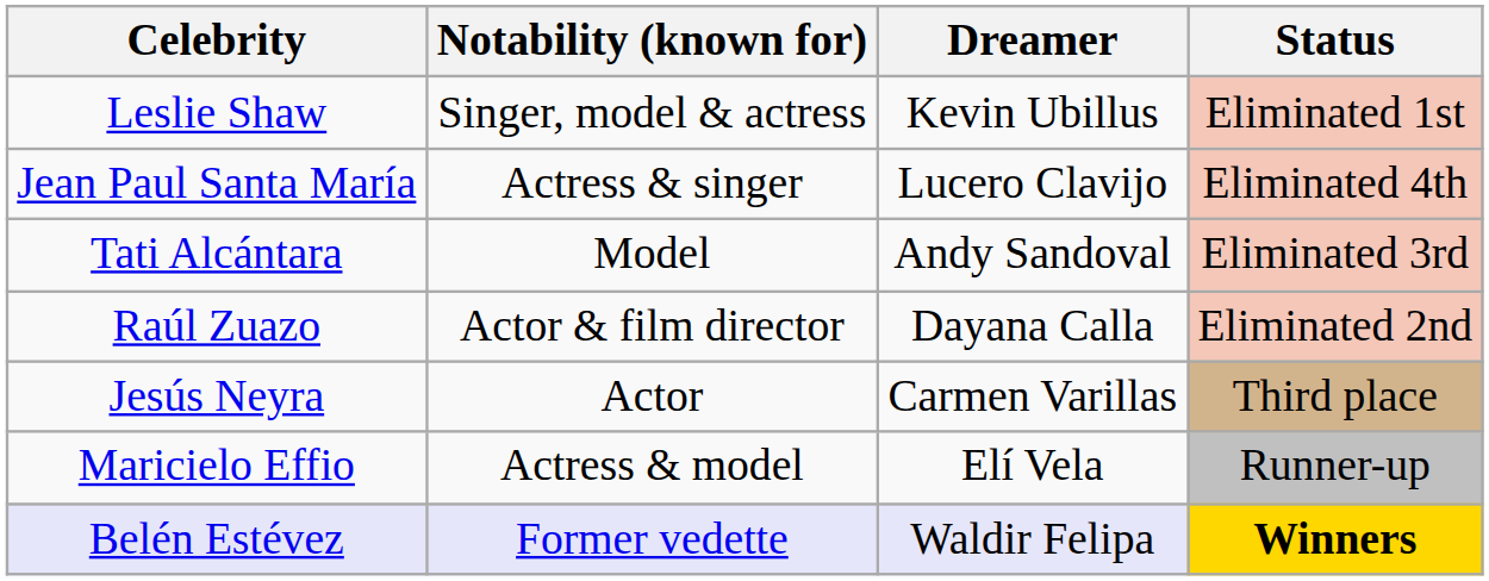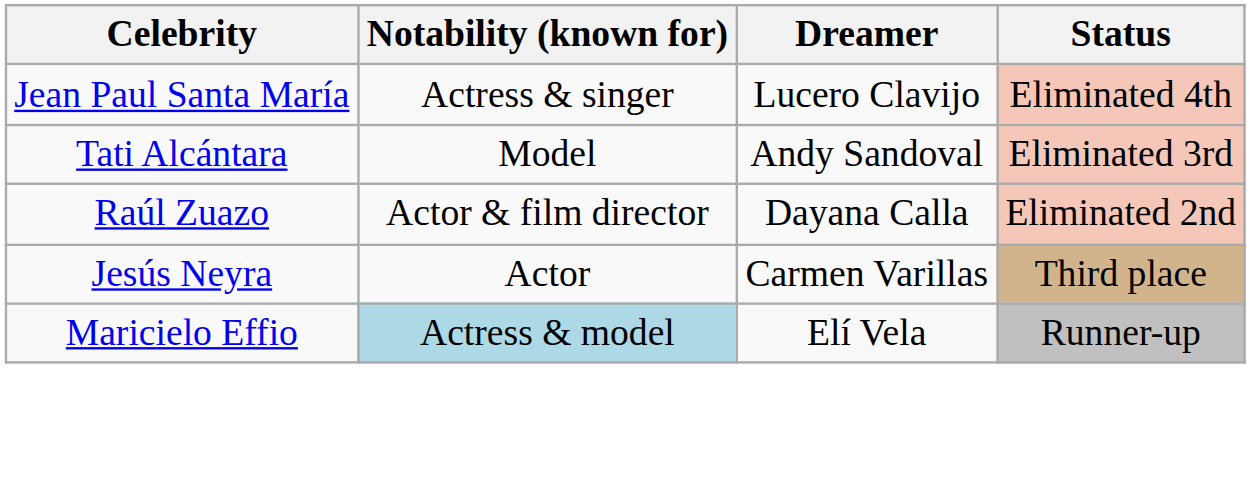 <table class= "wikitable sortable" style="text-align: center; margin:auto; align: center">
 <tr>
 <th>Celebrity</th>
 <th>Notability (known for)</th>
 <th>Dreamer</th>
 <th>Status</th>
-</tr>
-<tr>
-<td><a href='#'>Leslie Shaw</a></td>
-<td>Singer, model & actress</td>
-<td>Kevin Ubillus</td>
-<td style="background:#f4c7b8;">Eliminated 1st<br></td>
 </tr>
 <tr>
 <td><a href='#'>Jean Paul Santa María</a></td>
 <td>Actress & singer</td>
 <td>Lucero Clavijo</td>
 <td style="background:#f4c7b8;">Eliminated 4th<br></td>
 </tr>
 <tr>
 <td><a href='#'>Tati Alcántara</a></td>
 <td>Model</td>
 <td>Andy Sandoval</td>
 <td style="background:#f4c7b8;">Eliminated 3rd<br></td>
 </tr>
 <tr>
 <td><a href='#'>Raúl Zuazo</a></td>
 <td>Actor & film director</td>
 <td>Dayana Calla</td>
 <td style="background:#f4c7b8;">Eliminated 2nd<br></td>
 </tr>
 <tr>
 <td><a href='#'>Jesús Neyra</a></td>
 <td>Actor</td>
 <td>Carmen Varillas</td>
 <td style="background:tan;">Third place<br></td>
 </tr>
 <tr>
 <td><a href='#'>Maricielo Effio</a></td>
-<td>Actress & model</td>
+<td style="background: lightblue;">Actress & model</td>
 <td>Elí Vela</td>
 <td style="background:silver;">Runner-up<br></td>
 </tr>
-<tr>
-<td bgcolor=lavender><a href='#'>Belén Estévez</a></td>
-<td bgcolor=lavender><a href='#'>Former vedette</a></td>
-<td bgcolor=lavender>Waldir Felipa</td>
-<td style="background:gold;"><strong>Winners</strong><br></td>
-</tr>
 </table>
